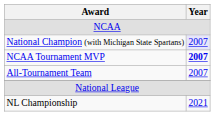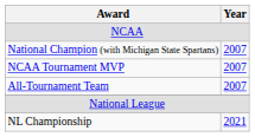 <table class="wikitable">
 <tr>
 <th>Award</th>
 <th>Year</th>
 </tr>
 <tr ALIGN="center" bgcolor="#e0e0e0">
 <td colspan="2"><a href='#'>NCAA</a></td>
 </tr>
 <tr>
 <td><a href='#'>National Champion</a> <small>(with Michigan State Spartans)</small></td>
-<td style="background: lavender;"><a href='#'>2007</a></td>
+<td><a href='#'>2007</a></td>
 </tr>
 <tr>
 <td><a href='#'>NCAA Tournament MVP</a></td>
-<td><strong><a href='#'>2007</a></strong></td>
+<td><a href='#'>2007</a></td>
 </tr>
 <tr>
 <td><a href='#'>All-Tournament Team</a></td>
 <td><a href='#'>2007</a></td>
 </tr>
 <tr>
 </tr>
 <tr ALIGN="center" bgcolor="#e0e0e0">
 <td colspan="2"><a href='#'>National League</a></td>
 </tr>
 <tr>
 <td>NL Championship</td>
 <td><a href='#'>2021</a></td>
 </tr>
 </table>
